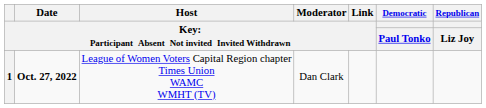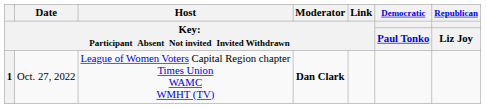 <table class="wikitable" style="text-align:center;">
 <tr>
 <th scope="col"></th>
 <th scope="col">Date</th>
 <th scope="col">Host</th>
 <th scope="col">Moderator</th>
 <th scope="col">Link</th>
 <th scope="col"><small><a href='#'>Democratic</a></small></th>
 <th scope="col"><small><a href='#'>Republican</a></small></th>
 </tr>
 <tr>
 <th colspan="5" rowspan="2">Key:<br> <small>Participant </small>  <small>Absent </small>  <small>Not invited </small>  <small>Invited  Withdrawn</small></th>
 <th scope="col" style="background:"></th>
 <th scope="col" style="background:"></th>
 </tr>
 <tr>
 <th scope="col"><a href='#'>Paul Tonko</a></th>
 <th scope="col">Liz Joy</th>
 </tr>
 <tr>
 <th>1</th>
-<td style="white-space:nowrap;"><strong>Oct. 27, 2022</strong></td>
+<td style="white-space:nowrap;">Oct. 27, 2022</td>
 <td style="white-space:nowrap;"><a href='#'>League of Women Voters</a> Capital Region chapter<br><a href='#'>Times Union</a><br><a href='#'>WAMC</a><br><a href='#'>WMHT (TV)</a></td>
-<td style="white-space:nowrap;">Dan Clark</td>
+<td style="white-space:nowrap;"><strong>Dan Clark</strong></td>
 <td style="white-space:nowrap;"></td>
 <td></td>
 <td></td>
 </tr>
 </table>
